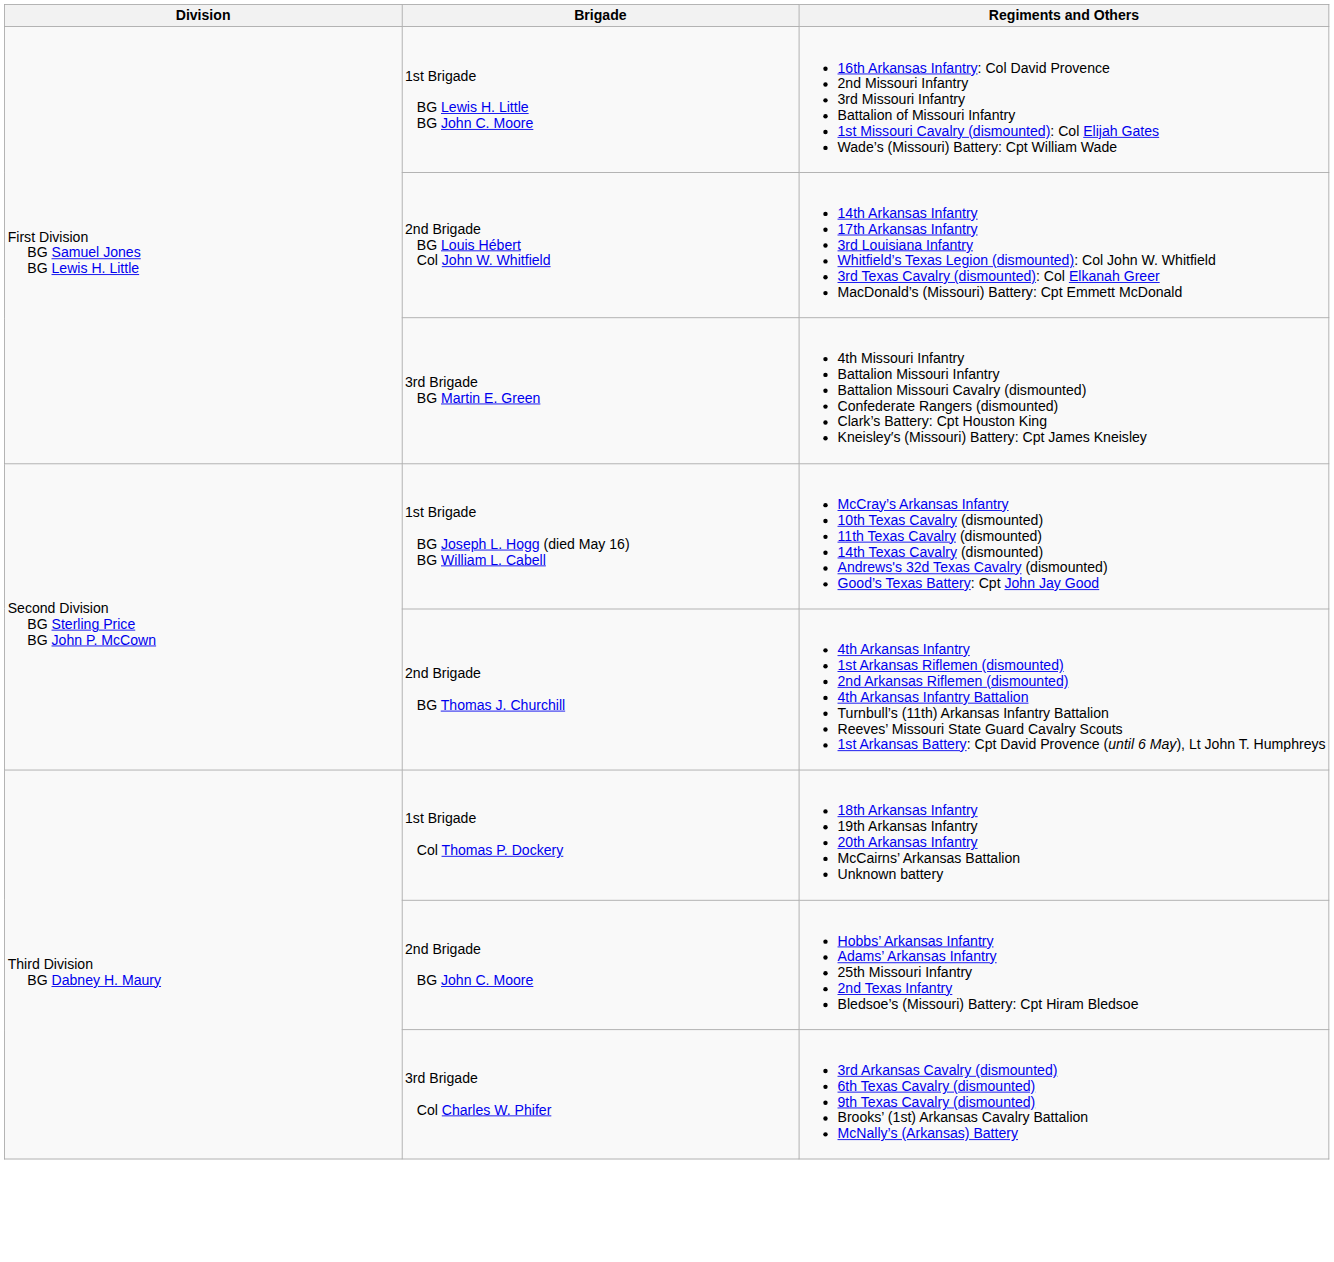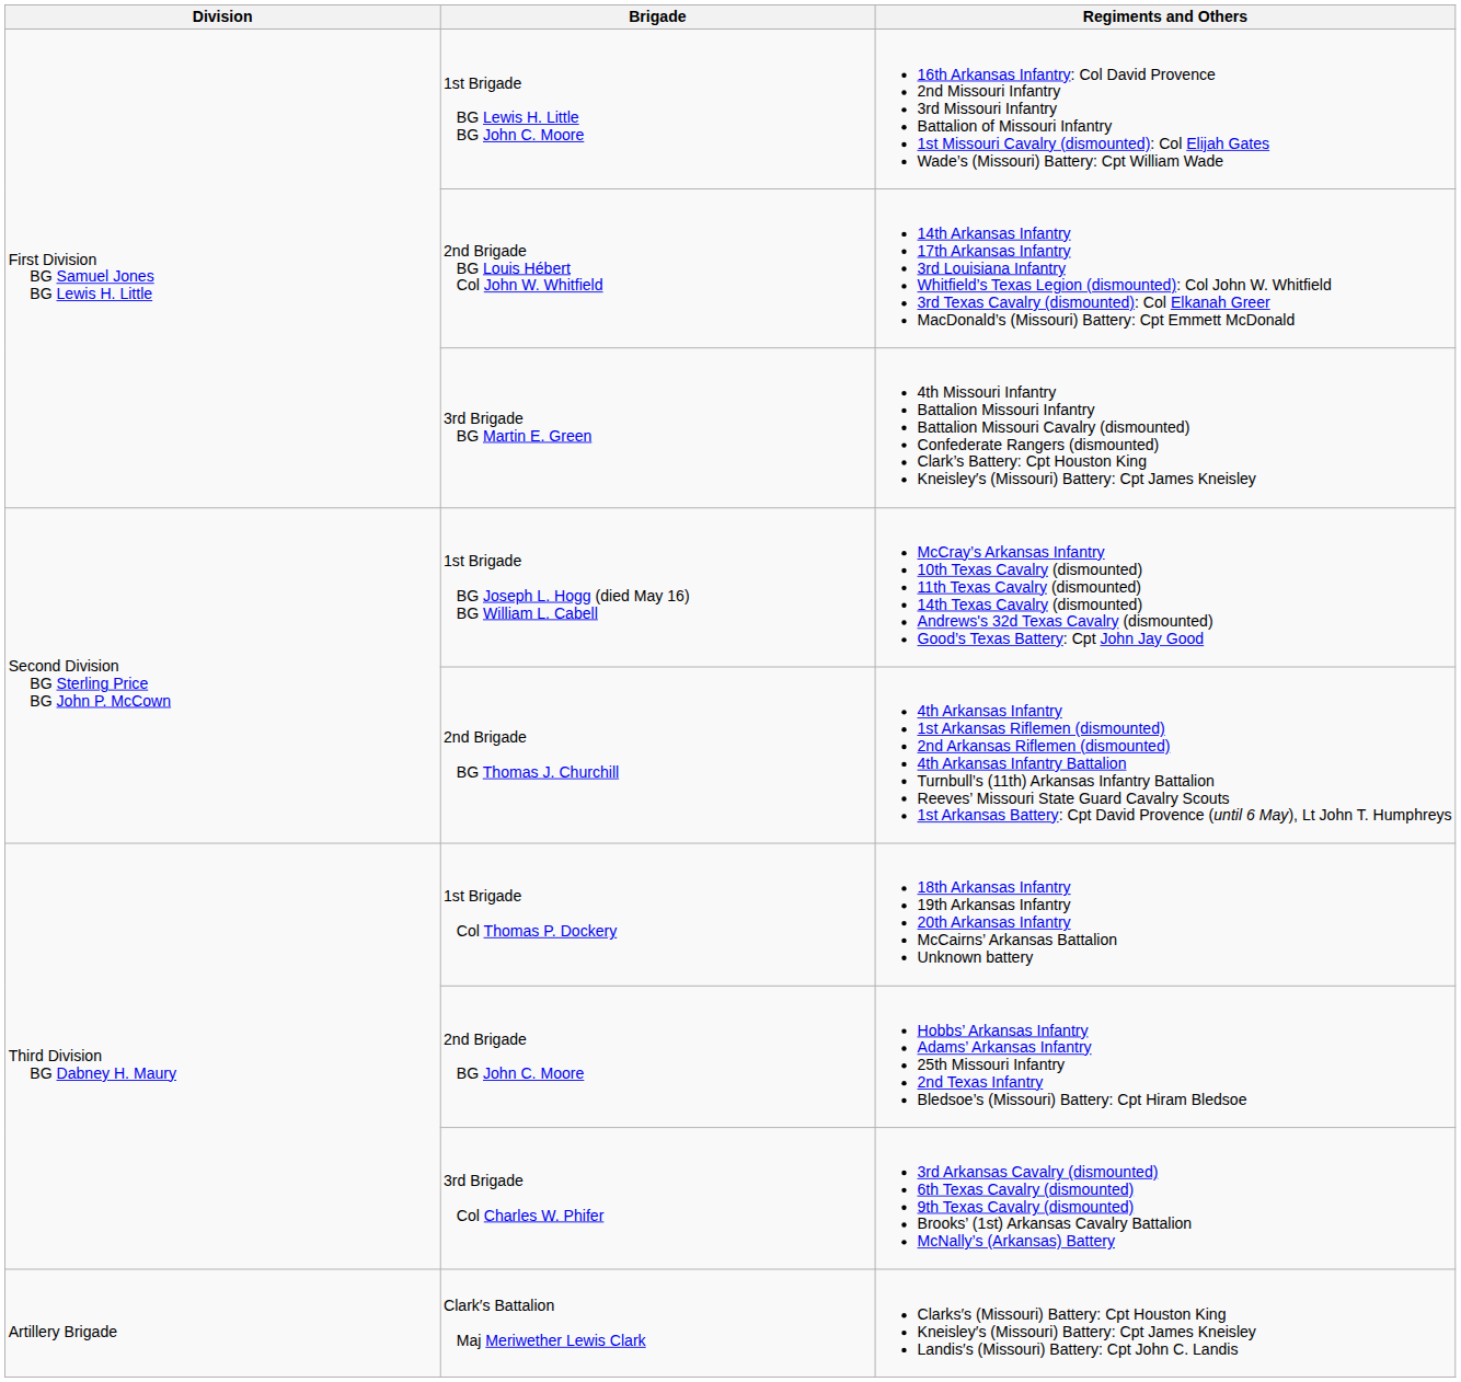 <table class="wikitable">
 <tr>
 <th width=30%>Division</th>
 <th width=30%>Brigade</th>
 <th>Regiments and Others</th>
 </tr>
 <tr>
 <td rowspan=3><br>First Division <br>     BG <a href='#'>Samuel Jones</a><br>     BG <a href='#'>Lewis H. Little</a></td>
 <td>1st Brigade<br><br>   BG <a href='#'>Lewis H. Little</a><br>   BG <a href='#'>John C. Moore</a></td>
 <td><br><ul><li><a href='#'>16th Arkansas Infantry</a>: Col David Provence</li><li>2nd Missouri Infantry</li><li>3rd Missouri Infantry</li><li>Battalion of Missouri Infantry</li><li><a href='#'>1st Missouri Cavalry (dismounted)</a>: Col <a href='#'>Elijah Gates</a></li><li>Wade’s (Missouri) Battery: Cpt William Wade</li></ul></td>
 </tr>
 <tr>
 <td>2nd Brigade<br>   BG <a href='#'>Louis Hébert</a><br>   Col <a href='#'>John W. Whitfield</a></td>
 <td><br><ul><li><a href='#'>14th Arkansas Infantry</a></li><li><a href='#'>17th Arkansas Infantry</a></li><li><a href='#'>3rd Louisiana Infantry</a></li><li><a href='#'>Whitfield’s Texas Legion (dismounted)</a>: Col John W. Whitfield</li><li><a href='#'>3rd Texas Cavalry (dismounted)</a>: Col <a href='#'>Elkanah Greer</a></li><li>MacDonald’s (Missouri) Battery: Cpt Emmett McDonald</li></ul></td>
 </tr>
 <tr>
 <td>3rd Brigade<br>   BG <a href='#'>Martin E. Green</a></td>
 <td><br><ul><li>4th Missouri Infantry</li><li>Battalion Missouri Infantry</li><li>Battalion Missouri Cavalry (dismounted)</li><li>Confederate Rangers (dismounted)</li><li>Clark’s Battery: Cpt Houston King</li><li>Kneisley′s (Missouri) Battery: Cpt James Kneisley</li></ul></td>
 </tr>
 <tr>
 <td rowspan=2><br>Second Division <br>     BG <a href='#'>Sterling Price</a><br>     BG <a href='#'>John P. McCown</a></td>
 <td>1st Brigade<br><br>   BG <a href='#'>Joseph L. Hogg</a> (died May 16)<br>   BG <a href='#'>William L. Cabell</a></td>
 <td><br><ul><li><a href='#'>McCray’s Arkansas Infantry</a></li><li><a href='#'>10th Texas Cavalry</a> (dismounted)</li><li><a href='#'>11th Texas Cavalry</a> (dismounted)</li><li><a href='#'>14th Texas Cavalry</a> (dismounted)</li><li><a href='#'>Andrews's 32d Texas Cavalry</a> (dismounted)</li><li><a href='#'>Good’s Texas Battery</a>: Cpt <a href='#'>John Jay Good</a></li></ul></td>
 </tr>
 <tr>
 <td>2nd Brigade<br><br>   BG <a href='#'>Thomas J. Churchill</a></td>
 <td><br><ul><li><a href='#'>4th Arkansas Infantry</a></li><li><a href='#'>1st Arkansas Riflemen (dismounted)</a></li><li><a href='#'>2nd Arkansas Riflemen (dismounted)</a></li><li><a href='#'>4th Arkansas Infantry Battalion</a></li><li>Turnbull’s (11th) Arkansas Infantry Battalion</li><li>Reeves’ Missouri State Guard Cavalry Scouts</li><li><a href='#'>1st Arkansas Battery</a>: Cpt David Provence (<em>until 6 May</em>), Lt John T. Humphreys</li></ul></td>
 </tr>
 <tr>
 <td rowspan=3><br>Third Division <br>     BG <a href='#'>Dabney H. Maury</a></td>
 <td>1st Brigade<br><br>   Col <a href='#'>Thomas P. Dockery</a></td>
 <td><br><ul><li><a href='#'>18th Arkansas Infantry</a></li><li>19th Arkansas Infantry</li><li><a href='#'>20th Arkansas Infantry</a></li><li>McCairns’ Arkansas Battalion</li><li>Unknown battery</li></ul></td>
 </tr>
 <tr>
 <td>2nd Brigade<br><br>   BG <a href='#'>John C. Moore</a></td>
 <td><br><ul><li><a href='#'>Hobbs’ Arkansas Infantry</a></li><li><a href='#'>Adams’ Arkansas Infantry</a></li><li>25th Missouri Infantry</li><li><a href='#'>2nd Texas Infantry</a></li><li>Bledsoe’s (Missouri) Battery: Cpt Hiram Bledsoe</li></ul></td>
 </tr>
 <tr>
 <td>3rd Brigade<br><br>   Col <a href='#'>Charles W. Phifer</a></td>
 <td><br><ul><li><a href='#'>3rd Arkansas Cavalry (dismounted)</a></li><li><a href='#'>6th Texas Cavalry (dismounted)</a></li><li><a href='#'>9th Texas Cavalry (dismounted)</a></li><li>Brooks’ (1st) Arkansas Cavalry Battalion</li><li><a href='#'>McNally’s (Arkansas) Battery</a></li></ul></td>
 </tr>
+<tr>
+<td rowspan=1><br>Artillery Brigade</td>
+<td>Clark′s Battalion<br><br>   Maj <a href='#'>Meriwether Lewis Clark</a></td>
+<td><br><ul><li>Clarks′s (Missouri) Battery: Cpt Houston King</li><li>Kneisley′s (Missouri) Battery: Cpt James Kneisley</li><li>Landis′s (Missouri) Battery: Cpt John C. Landis</li></ul></td>
+</tr>
 </table>
